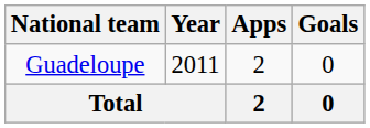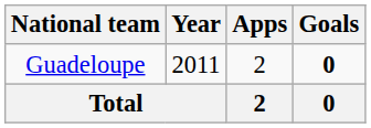 <table class=wikitable style=text-align:center>
 <tr>
 <th>National team</th>
 <th>Year</th>
 <th>Apps</th>
 <th>Goals</th>
 </tr>
 <tr>
 <td><a href='#'>Guadeloupe</a></td>
 <td>2011</td>
 <td>2</td>
-<td>0</td>
+<td><strong>0</strong></td>
 </tr>
 <tr>
 <th colspan=2>Total</th>
 <th>2</th>
 <th>0</th>
 </tr>
 </table>
